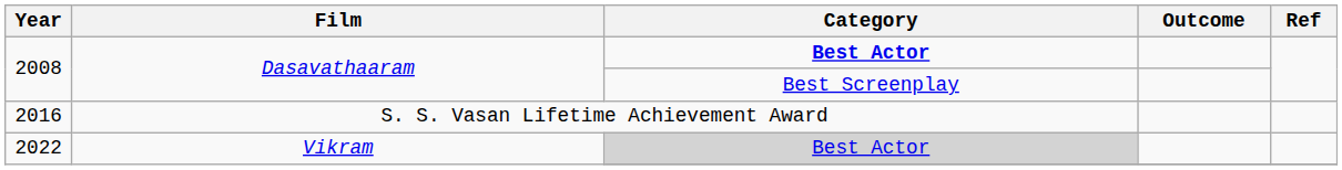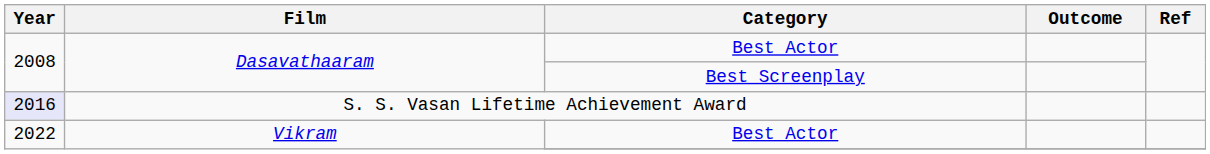 <table class="wikitable" style="width:100%;">
 <tr>
 <th width=5%>Year</th>
 <th style="width:40%;">Film</th>
 <th style="width:40%;">Category</th>
 <th style="width:10%;">Outcome</th>
 <th style="width:5%;">Ref</th>
 </tr>
 <tr>
 <td rowspan="2" style="text-align:center;">2008</td>
 <td rowspan="2" style="text-align:center;"><em><a href='#'>Dasavathaaram</a></em></td>
-<td style="text-align:center;"><strong><a href='#'>Best Actor</a></strong></td>
+<td style="text-align:center;"><a href='#'>Best Actor</a></td>
 <td></td>
 <td rowspan="2" style="text-align:center;"></td>
 </tr>
 <tr>
 <td style="text-align:center;"><a href='#'>Best Screenplay</a></td>
 <td></td>
 </tr>
 <tr>
-<td style="text-align:center;">2016</td>
+<td style="background: lavender; text-align:center;">2016</td>
 <td colspan="2" style="text-align:center;">S. S. Vasan Lifetime Achievement Award</td>
 <td></td>
 <td></td>
 </tr>
 <tr>
 <td rowspan="2" style="text-align:center;">2022</td>
 <td rowspan="2" style="text-align:center;"><em><a href='#'>Vikram</a></em></td>
-<td style="background: lightgrey; text-align:center;"><a href='#'>Best Actor</a></td>
+<td style="text-align:center;"><a href='#'>Best Actor</a></td>
 <td></td>
 <td></td>
 </tr>
 <tr>
 </tr>
 </table>
